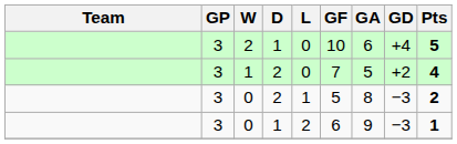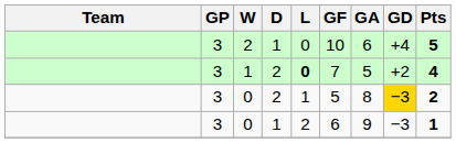 <table class="wikitable" style="text-align:center;">
 <tr>
 <th width=180>Team</th>
 <th width=20>GP</th>
 <th width=20>W</th>
 <th width=20>D</th>
 <th width=20>L</th>
 <th width=20>GF</th>
 <th width=20>GA</th>
 <th width=20>GD</th>
 <th width=20>Pts</th>
 </tr>
 <tr style="background:#ccffcc;">
 <td style="text-align:left;"></td>
 <td>3</td>
 <td>2</td>
 <td>1</td>
 <td>0</td>
 <td>10</td>
 <td>6</td>
 <td>+4</td>
 <td><strong>5</strong></td>
 </tr>
 <tr style="background:#ccffcc;">
 <td style="text-align:left;"></td>
 <td>3</td>
 <td>1</td>
 <td>2</td>
-<td>0</td>
+<td><strong>0</strong></td>
 <td>7</td>
 <td>5</td>
 <td>+2</td>
 <td><strong>4</strong></td>
 </tr>
 <tr>
 <td style="text-align:left;"></td>
 <td>3</td>
 <td>0</td>
 <td>2</td>
 <td>1</td>
 <td>5</td>
 <td>8</td>
-<td>−3</td>
+<td style="background: gold;">−3</td>
 <td><strong>2</strong></td>
 </tr>
 <tr>
 <td style="text-align:left;"></td>
 <td>3</td>
 <td>0</td>
 <td>1</td>
 <td>2</td>
 <td>6</td>
 <td>9</td>
 <td>−3</td>
 <td><strong>1</strong></td>
 </tr>
 <tr>
 </tr>
 </table>
